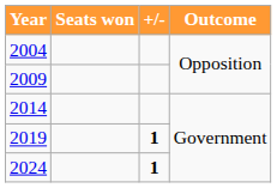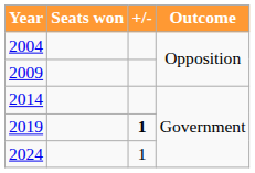 <table class="wikitable sortable">
 <tr>
 <th style="background-color:#FF9933; color:white">Year</th>
 <th style="background-color:#FF9933; color:white">Seats won</th>
 <th style="background-color:#FF9933; color:white">+/-</th>
 <th style="background-color:#FF9933; color:white">Outcome</th>
 </tr>
 <tr style="text-align:center;">
 <td><a href='#'>2004</a></td>
 <td></td>
 <td></td>
 <td rowspan="2">Opposition</td>
 </tr>
 <tr style="text-align:center;">
 <td><a href='#'>2009</a></td>
 <td></td>
 <td></td>
 </tr>
 <tr style="text-align:center;">
 <td><a href='#'>2014</a></td>
 <td></td>
 <td></td>
 <td rowspan="3">Government</td>
 </tr>
 <tr style="text-align:center;">
 <td><a href='#'>2019</a></td>
 <td></td>
 <td><strong> 1</strong></td>
 </tr>
 <tr style="text-align:center;">
 <td><a href='#'>2024</a></td>
 <td></td>
-<td><strong> 1</strong></td>
+<td> 1</td>
 </tr>
 </table>
